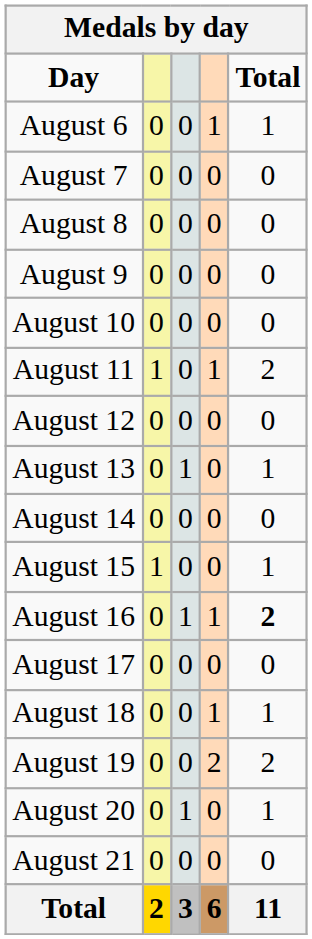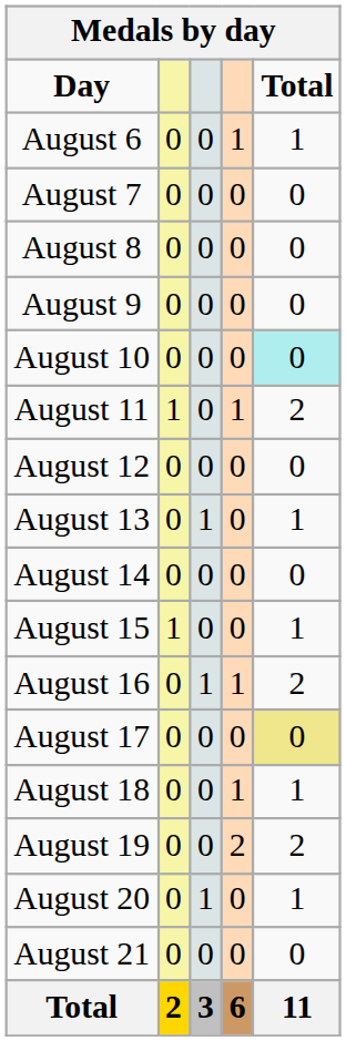 <table class="wikitable" style="font-size:85%; float:right">
 <tr align=center>
 <th colspan=7>Medals by day</th>
 </tr>
 <tr align=center>
 <td><strong>Day</strong></td>
 <td style="background:#f7f6a8;"></td>
 <td style="background:#dce5e5;"></td>
 <td style="background:#ffdab9;"></td>
 <td><strong>Total</strong></td>
 </tr>
 <tr align=center>
 <td>August 6</td>
 <td style="background:#f7f6a8;">0</td>
 <td style="background:#dce5e5;">0</td>
 <td style="background:#ffdab9;">1</td>
 <td>1</td>
 </tr>
 <tr align=center>
 <td>August 7</td>
 <td style="background:#f7f6a8;">0</td>
 <td style="background:#dce5e5;">0</td>
 <td style="background:#ffdab9;">0</td>
 <td>0</td>
 </tr>
 <tr align=center>
 <td>August 8</td>
 <td style="background:#f7f6a8;">0</td>
 <td style="background:#dce5e5;">0</td>
 <td style="background:#ffdab9;">0</td>
 <td>0</td>
 </tr>
 <tr align=center>
 <td>August 9</td>
 <td style="background:#f7f6a8;">0</td>
 <td style="background:#dce5e5;">0</td>
 <td style="background:#ffdab9;">0</td>
 <td>0</td>
 </tr>
 <tr align=center>
 <td>August 10</td>
 <td style="background:#f7f6a8;">0</td>
 <td style="background:#dce5e5;">0</td>
 <td style="background:#ffdab9;">0</td>
-<td>0</td>
+<td style="background: paleturquoise;">0</td>
 </tr>
 <tr align=center>
 <td>August 11</td>
 <td style="background:#f7f6a8;">1</td>
 <td style="background:#dce5e5;">0</td>
 <td style="background:#ffdab9;">1</td>
 <td>2</td>
 </tr>
 <tr align=center>
 <td>August 12</td>
 <td style="background:#f7f6a8;">0</td>
 <td style="background:#dce5e5;">0</td>
 <td style="background:#ffdab9;">0</td>
 <td>0</td>
 </tr>
 <tr align=center>
 <td>August 13</td>
 <td style="background:#f7f6a8;">0</td>
 <td style="background:#dce5e5;">1</td>
 <td style="background:#ffdab9;">0</td>
 <td>1</td>
 </tr>
 <tr align=center>
 <td>August 14</td>
 <td style="background:#f7f6a8;">0</td>
 <td style="background:#dce5e5;">0</td>
 <td style="background:#ffdab9;">0</td>
 <td>0</td>
 </tr>
 <tr align=center>
 <td>August 15</td>
 <td style="background:#f7f6a8;">1</td>
 <td style="background:#dce5e5;">0</td>
 <td style="background:#ffdab9;">0</td>
 <td>1</td>
 </tr>
 <tr align=center>
 <td>August 16</td>
 <td style="background:#f7f6a8;">0</td>
 <td style="background:#dce5e5;">1</td>
 <td style="background:#ffdab9;">1</td>
-<td><strong>2</strong></td>
+<td>2</td>
 </tr>
 <tr align=center>
 <td>August 17</td>
 <td style="background:#f7f6a8;">0</td>
 <td style="background:#dce5e5;">0</td>
 <td style="background:#ffdab9;">0</td>
-<td>0</td>
+<td style="background: khaki;">0</td>
 </tr>
 <tr align=center>
 <td>August 18</td>
 <td style="background:#f7f6a8;">0</td>
 <td style="background:#dce5e5;">0</td>
 <td style="background:#ffdab9;">1</td>
 <td>1</td>
 </tr>
 <tr align=center>
 <td>August 19</td>
 <td style="background:#f7f6a8;">0</td>
 <td style="background:#dce5e5;">0</td>
 <td style="background:#ffdab9;">2</td>
 <td>2</td>
 </tr>
 <tr align=center>
 <td>August 20</td>
 <td style="background:#f7f6a8;">0</td>
 <td style="background:#dce5e5;">1</td>
 <td style="background:#ffdab9;">0</td>
 <td>1</td>
 </tr>
 <tr align=center>
 <td>August 21</td>
 <td style="background:#f7f6a8;">0</td>
 <td style="background:#dce5e5;">0</td>
 <td style="background:#ffdab9;">0</td>
 <td>0</td>
 </tr>
 <tr align=center>
 <th>Total</th>
 <th style="background:gold;">2</th>
 <th style="background:silver;">3</th>
 <th style="background:#c96;">6</th>
 <th>11</th>
 </tr>
 </table>
